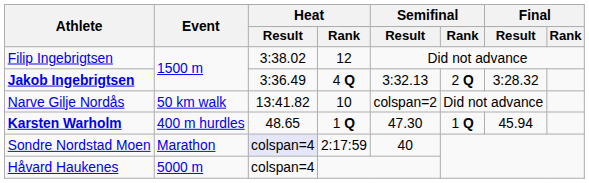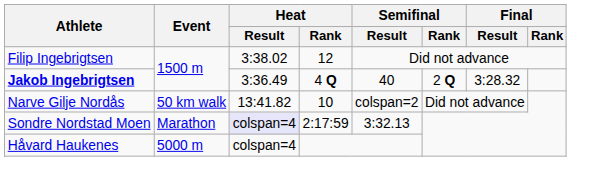 <table class="wikitable" style="font-size:90%">
 <tr>
 <th rowspan="2">Athlete</th>
 <th rowspan="2">Event</th>
 <th colspan="2">Heat</th>
 <th colspan="2">Semifinal</th>
 <th colspan="2">Final</th>
 </tr>
 <tr style="font-size:95%">
 <th>Result</th>
 <th>Rank</th>
 <th>Result</th>
 <th>Rank</th>
 <th>Result</th>
 <th>Rank</th>
 </tr>
 <tr align="center">
 <td align="left"><a href='#'>Filip Ingebrigtsen</a></td>
 <td rowspan="2" align="left"><a href='#'>1500 m</a></td>
 <td>3:38.02</td>
 <td>12</td>
 <td colspan="4">Did not advance</td>
 </tr>
 <tr align="center">
 <td align="left"><strong><a href='#'>Jakob Ingebrigtsen</a></strong></td>
 <td>3:36.49</td>
 <td>4 <strong>Q</strong></td>
-<td>3:32.13</td>
+<td>40</td>
 <td>2 <strong>Q</strong></td>
 <td>3:28.32 </td>
 <td></td>
 </tr>
 <tr align="center">
 <td align="left"><a href='#'>Narve Gilje Nordås</a></td>
 <td align=left><a href='#'>50 km walk</a></td>
 <td>13:41.82</td>
 <td>10</td>
 <td>colspan=2 </td>
 <td colspan="2">Did not advance</td>
 </tr>
-<tr align="center">
-<td align="left"><strong><a href='#'>Karsten Warholm</a></strong></td>
-<td align="left"><a href='#'>400 m hurdles</a></td>
-<td>48.65</td>
-<td>1 <strong>Q</strong></td>
-<td>47.30</td>
-<td>1 <strong>Q</strong></td>
-<td>45.94 </td>
-<td></td>
-</tr>
 <tr align=center>
 <td align=left><a href='#'>Sondre Nordstad Moen</a></td>
 <td align=left><a href='#'>Marathon</a></td>
 <td style="background: lavender;">colspan=4 </td>
 <td>2:17:59</td>
-<td>40</td>
+<td>3:32.13</td>
 </tr>
 <tr align=center>
 <td align=left><a href='#'>Håvard Haukenes</a></td>
 <td align="left"><a href='#'>5000 m</a></td>
 <td>colspan=4 </td>
 <td colspan=2></td>
 </tr>
 </table>
